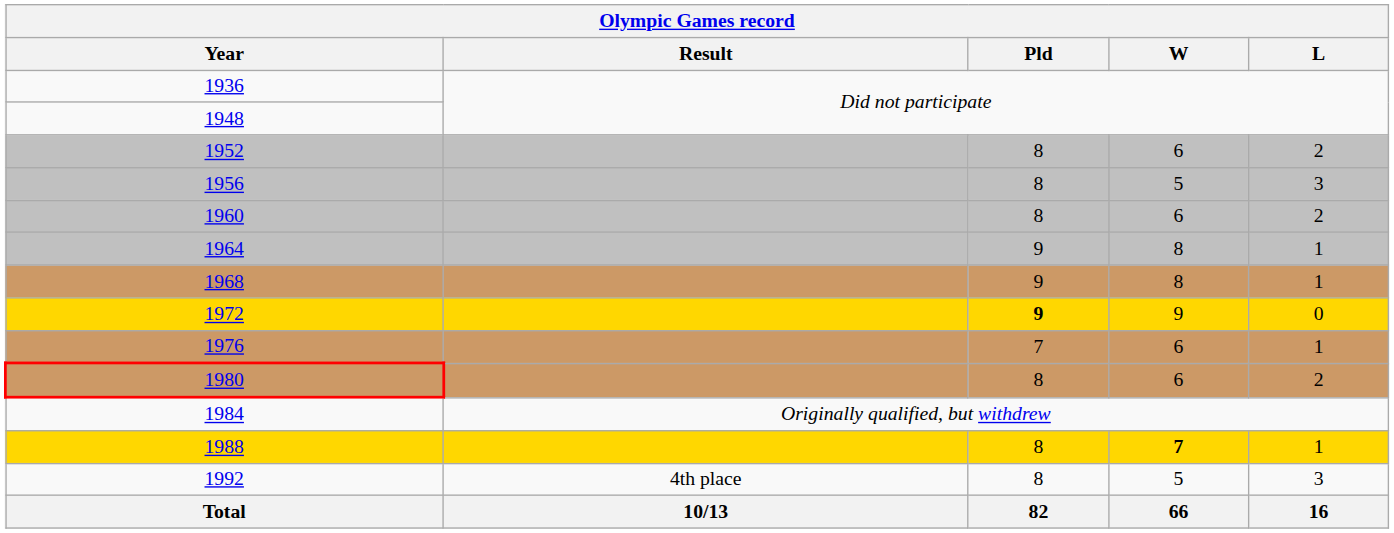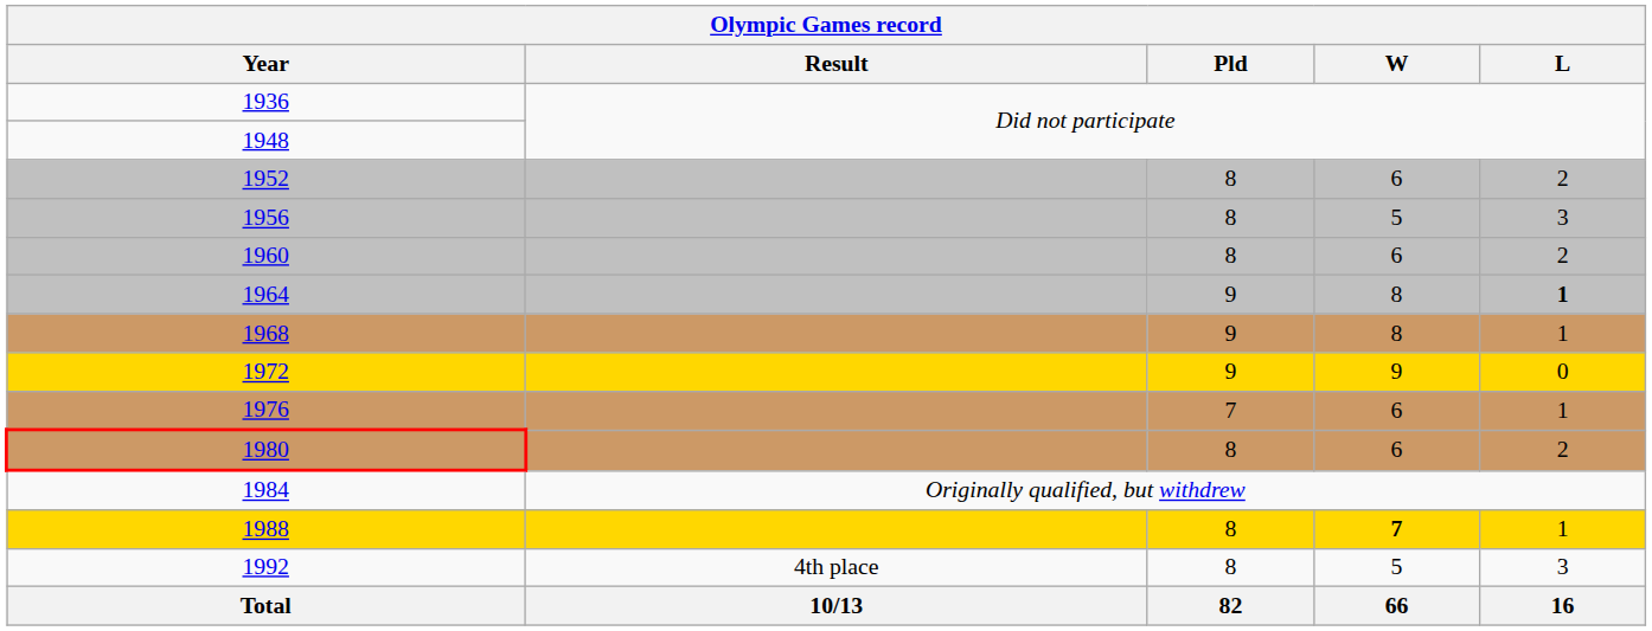 <table class="wikitable" width=80% style="text-align: center;font-size:90%;">
 <tr>
 <th colspan=5><a href='#'>Olympic Games record</a></th>
 </tr>
 <tr>
 <th width=25%>Year</th>
 <th width=30%>Result</th>
 <th width=8%>Pld</th>
 <th width=8%>W</th>
 <th width=8%>L</th>
 </tr>
 <tr>
 <td> <a href='#'>1936</a></td>
 <td rowspan=2 colspan=4><em>Did not participate</em></td>
 </tr>
 <tr>
 <td> <a href='#'>1948</a></td>
 </tr>
 <tr bgcolor=silver>
 <td> <a href='#'>1952</a></td>
 <td></td>
 <td>8</td>
 <td>6</td>
 <td>2</td>
 </tr>
 <tr bgcolor=silver>
 <td> <a href='#'>1956</a></td>
 <td></td>
 <td>8</td>
 <td>5</td>
 <td>3</td>
 </tr>
 <tr bgcolor=silver>
 <td> <a href='#'>1960</a></td>
 <td></td>
 <td>8</td>
 <td>6</td>
 <td>2</td>
 </tr>
 <tr bgcolor=silver>
 <td> <a href='#'>1964</a></td>
 <td></td>
 <td>9</td>
 <td>8</td>
-<td>1</td>
+<td><strong>1</strong></td>
 </tr>
 <tr bgcolor=cc9966>
 <td> <a href='#'>1968</a></td>
 <td></td>
 <td>9</td>
 <td>8</td>
 <td>1</td>
 </tr>
 <tr bgcolor=gold>
 <td> <a href='#'>1972</a></td>
 <td></td>
-<td><strong>9</strong></td>
+<td>9</td>
 <td>9</td>
 <td>0</td>
 </tr>
 <tr bgcolor=cc9966>
 <td> <a href='#'>1976</a></td>
 <td></td>
 <td>7</td>
 <td>6</td>
 <td>1</td>
 </tr>
 <tr bgcolor=cc9966>
 <td style="border: 2px solid red"> <a href='#'>1980</a></td>
 <td></td>
 <td>8</td>
 <td>6</td>
 <td>2</td>
 </tr>
 <tr>
 <td> <a href='#'>1984</a></td>
 <td colspan=4><em>Originally qualified, but <a href='#'>withdrew</a></em></td>
 </tr>
 <tr bgcolor=gold>
 <td> <a href='#'>1988</a></td>
 <td></td>
 <td>8</td>
 <td><strong>7</strong></td>
 <td>1</td>
 </tr>
 <tr>
 <td> <a href='#'>1992</a></td>
 <td>4th place</td>
 <td>8</td>
 <td>5</td>
 <td>3</td>
 </tr>
 <tr>
 <th>Total</th>
 <th>10/13</th>
 <th>82</th>
 <th>66</th>
 <th>16</th>
 </tr>
 </table>
